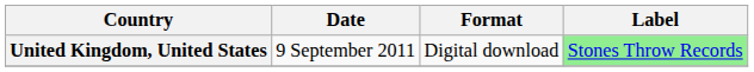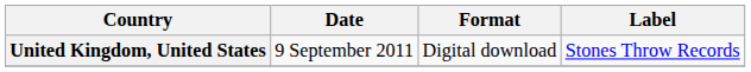 <table class="wikitable plainrowheaders">
 <tr>
 <th scope="col">Country</th>
 <th scope="col">Date</th>
 <th scope="col">Format</th>
 <th scope="col">Label</th>
 </tr>
 <tr>
 <th scope="row">United Kingdom, United States</th>
 <td>9 September 2011</td>
 <td>Digital download</td>
-<td style="background: lightgreen;"><a href='#'>Stones Throw Records</a></td>
+<td><a href='#'>Stones Throw Records</a></td>
 </tr>
 <tr>
 </tr>
 </table>
